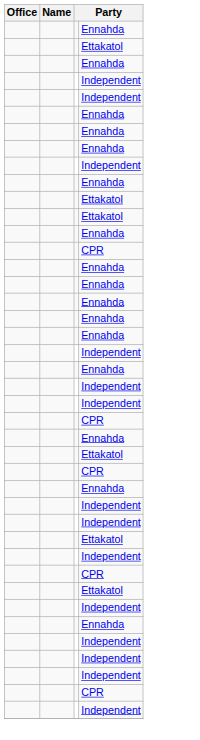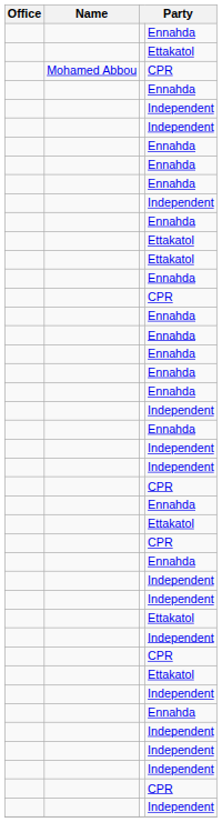 <table class="wikitable sortable">
 <tr>
 <th>Office</th>
 <th>Name</th>
 <th colspan="2">Party</th>
 </tr>
 <tr>
 <td></td>
 <td></td>
 <td></td>
 <td><a href='#'>Ennahda</a></td>
 </tr>
 <tr>
 <td></td>
 <td></td>
 <td></td>
 <td><a href='#'>Ettakatol</a></td>
+</tr>
+<tr>
+<td></td>
+<td><a href='#'>Mohamed Abbou</a></td>
+<td></td>
+<td><a href='#'>CPR</a></td>
 </tr>
 <tr>
 <td></td>
 <td></td>
 <td></td>
 <td><a href='#'>Ennahda</a></td>
 </tr>
 <tr>
 <td></td>
 <td></td>
 <td bgcolor="#fff"></td>
 <td><a href='#'>Independent</a></td>
 </tr>
 <tr>
 <td></td>
 <td></td>
 <td bgcolor="#fff"></td>
 <td><a href='#'>Independent</a></td>
 </tr>
 <tr>
 <td></td>
 <td></td>
 <td></td>
 <td><a href='#'>Ennahda</a></td>
 </tr>
 <tr>
 <td></td>
 <td></td>
 <td></td>
 <td><a href='#'>Ennahda</a></td>
 </tr>
 <tr>
 <td></td>
 <td></td>
 <td></td>
 <td><a href='#'>Ennahda</a></td>
 </tr>
 <tr>
 <td></td>
 <td></td>
 <td bgcolor="#fff"></td>
 <td><a href='#'>Independent</a></td>
 </tr>
 <tr>
 <td></td>
 <td></td>
 <td></td>
 <td><a href='#'>Ennahda</a></td>
 </tr>
 <tr>
 <td></td>
 <td></td>
 <td></td>
 <td><a href='#'>Ettakatol</a></td>
 </tr>
 <tr>
 <td></td>
 <td></td>
 <td></td>
 <td><a href='#'>Ettakatol</a></td>
 </tr>
 <tr>
 <td></td>
 <td></td>
 <td></td>
 <td><a href='#'>Ennahda</a></td>
 </tr>
 <tr>
 <td></td>
 <td></td>
 <td></td>
 <td><a href='#'>CPR</a></td>
 </tr>
 <tr>
 <td></td>
 <td></td>
 <td></td>
 <td><a href='#'>Ennahda</a></td>
 </tr>
 <tr>
 <td></td>
 <td></td>
 <td></td>
 <td><a href='#'>Ennahda</a></td>
 </tr>
 <tr>
 <td></td>
 <td></td>
 <td></td>
 <td><a href='#'>Ennahda</a></td>
 </tr>
 <tr>
 <td></td>
 <td></td>
 <td></td>
 <td><a href='#'>Ennahda</a></td>
 </tr>
 <tr>
 <td></td>
 <td></td>
 <td></td>
 <td><a href='#'>Ennahda</a></td>
 </tr>
 <tr>
 <td></td>
 <td></td>
 <td bgcolor="#fff"></td>
 <td><a href='#'>Independent</a></td>
 </tr>
 <tr>
 <td></td>
 <td></td>
 <td></td>
 <td><a href='#'>Ennahda</a></td>
 </tr>
 <tr>
 <td></td>
 <td></td>
 <td bgcolor="#fff"></td>
 <td><a href='#'>Independent</a></td>
 </tr>
 <tr>
 <td></td>
 <td></td>
 <td bgcolor="#fff"></td>
 <td><a href='#'>Independent</a></td>
 </tr>
 <tr>
 <td></td>
 <td></td>
 <td></td>
 <td><a href='#'>CPR</a></td>
 </tr>
 <tr>
 <td></td>
 <td></td>
 <td></td>
 <td><a href='#'>Ennahda</a></td>
 </tr>
 <tr>
 <td></td>
 <td></td>
 <td></td>
 <td><a href='#'>Ettakatol</a></td>
 </tr>
 <tr>
 <td></td>
 <td></td>
 <td></td>
 <td><a href='#'>CPR</a></td>
 </tr>
 <tr>
 <td></td>
 <td></td>
 <td></td>
 <td><a href='#'>Ennahda</a></td>
 </tr>
 <tr>
 <td></td>
 <td></td>
 <td bgcolor="#fff"></td>
 <td><a href='#'>Independent</a></td>
 </tr>
 <tr>
 <td></td>
 <td></td>
 <td bgcolor="#fff"></td>
 <td><a href='#'>Independent</a></td>
 </tr>
 <tr>
 <td></td>
 <td></td>
 <td></td>
 <td><a href='#'>Ettakatol</a></td>
 </tr>
 <tr>
 <td></td>
 <td></td>
 <td bgcolor="#fff"></td>
 <td><a href='#'>Independent</a></td>
 </tr>
 <tr>
 <td></td>
 <td></td>
 <td></td>
 <td><a href='#'>CPR</a></td>
 </tr>
 <tr>
 <td></td>
 <td></td>
 <td></td>
 <td><a href='#'>Ettakatol</a></td>
 </tr>
 <tr>
 <td></td>
 <td></td>
 <td bgcolor="#fff"></td>
 <td><a href='#'>Independent</a></td>
 </tr>
 <tr>
 <td></td>
 <td></td>
 <td></td>
 <td><a href='#'>Ennahda</a></td>
 </tr>
 <tr>
 <td></td>
 <td></td>
 <td bgcolor="#fff"></td>
 <td><a href='#'>Independent</a></td>
 </tr>
 <tr>
 <td></td>
 <td></td>
 <td bgcolor="#fff"></td>
 <td><a href='#'>Independent</a></td>
 </tr>
 <tr>
 <td></td>
 <td></td>
 <td bgcolor="#fff"></td>
 <td><a href='#'>Independent</a></td>
 </tr>
 <tr>
 <td></td>
 <td></td>
 <td></td>
 <td><a href='#'>CPR</a></td>
 </tr>
 <tr>
 <td></td>
 <td></td>
 <td bgcolor="#fff"></td>
 <td><a href='#'>Independent</a></td>
 </tr>
 <tr>
 </tr>
 </table>
